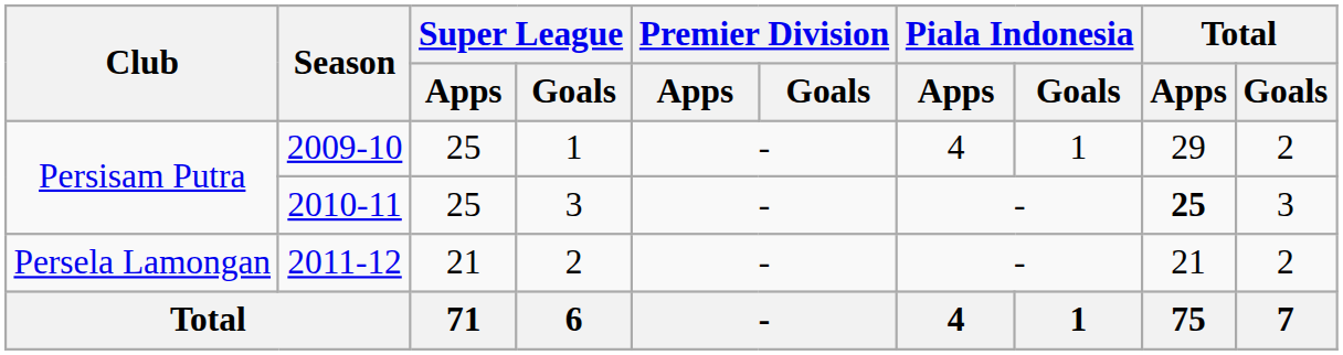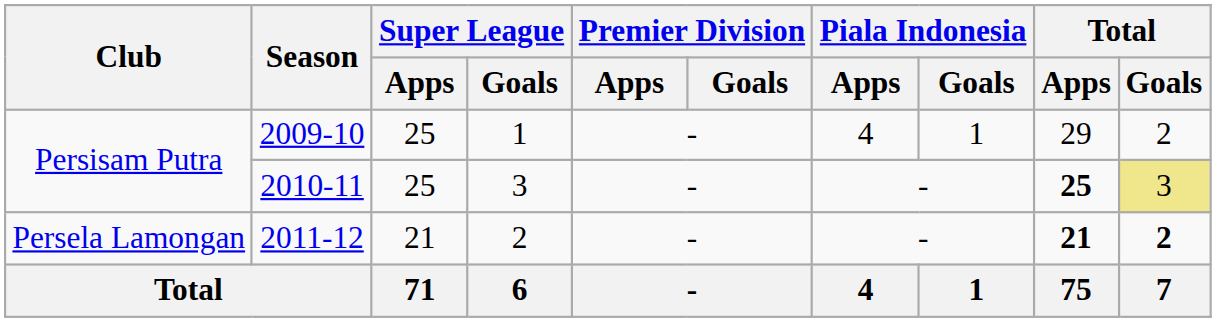 <table class="wikitable" style="font-size:90%; text-align:center;">
 <tr>
 <th rowspan="2">Club</th>
 <th rowspan="2">Season</th>
 <th colspan="2"><a href='#'>Super League</a></th>
 <th colspan="2"><a href='#'>Premier Division</a></th>
 <th colspan="2"><a href='#'>Piala Indonesia</a></th>
 <th colspan="2">Total</th>
 </tr>
 <tr>
 <th>Apps</th>
 <th>Goals</th>
 <th>Apps</th>
 <th>Goals</th>
 <th>Apps</th>
 <th>Goals</th>
 <th>Apps</th>
 <th>Goals</th>
 </tr>
 <tr>
 <td rowspan="2"><a href='#'>Persisam Putra</a></td>
 <td><a href='#'>2009-10</a></td>
 <td>25</td>
 <td>1</td>
 <td colspan="2">-</td>
 <td>4</td>
 <td>1</td>
 <td>29</td>
 <td>2</td>
 </tr>
 <tr>
 <td><a href='#'>2010-11</a></td>
 <td>25</td>
 <td>3</td>
 <td colspan="2">-</td>
 <td colspan="2">-</td>
 <td><strong>25</strong></td>
-<td>3</td>
+<td style="background: khaki;">3</td>
 </tr>
 <tr>
 <td rowspan="1"><a href='#'>Persela Lamongan</a></td>
 <td><a href='#'>2011-12</a></td>
 <td>21</td>
 <td>2</td>
 <td colspan="2">-</td>
 <td colspan="2">-</td>
-<td>21</td>
-<td>2</td>
+<td><strong>21</strong></td>
+<td><strong>2</strong></td>
 </tr>
 <tr>
 <th colspan="2">Total</th>
 <th>71</th>
 <th>6</th>
 <th colspan="2">-</th>
 <th>4</th>
 <th>1</th>
 <th>75</th>
 <th>7</th>
 </tr>
 </table>
